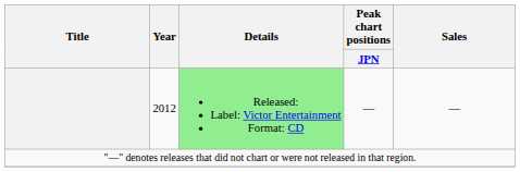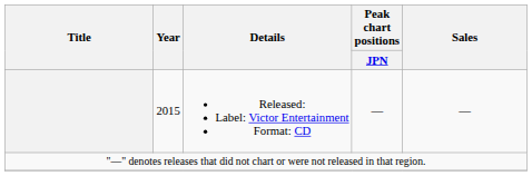 <table class="wikitable plainrowheaders" style="text-align:center;">
 <tr>
 <th rowspan="2" style="width:12em;">Title</th>
 <th rowspan="2">Year</th>
 <th rowspan="2">Details</th>
 <th colspan="1">Peak chart positions</th>
 <th rowspan="2" style="width:10em;">Sales</th>
 </tr>
 <tr>
 <th width="30"><a href='#'>JPN</a></th>
 </tr>
 <tr>
 <th scope="row"></th>
-<td>2012</td>
-<td style="background: lightgreen;"><br><ul><li>Released: </li><li>Label: <a href='#'>Victor Entertainment</a></li><li>Format: <a href='#'>CD</a></li></ul></td>
+<td>2015</td>
+<td><br><ul><li>Released: </li><li>Label: <a href='#'>Victor Entertainment</a></li><li>Format: <a href='#'>CD</a></li></ul></td>
 <td>—</td>
 <td>—</td>
 </tr>
 <tr>
 <td colspan="5" style="font-size:90%;">"—" denotes releases that did not chart or were not released in that region.</td>
 </tr>
 <tr>
 </tr>
 </table>
